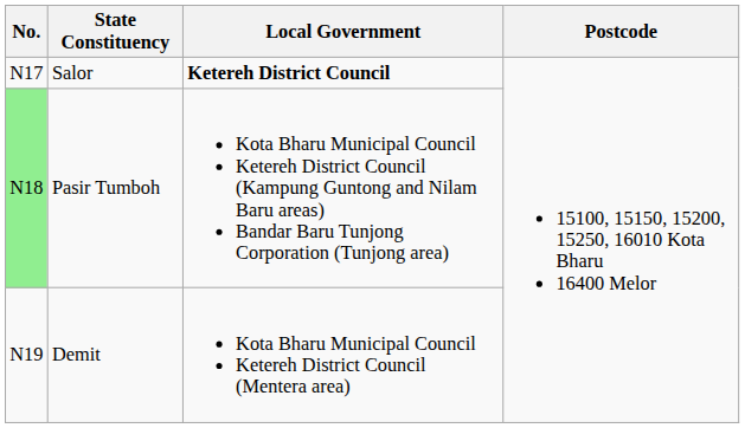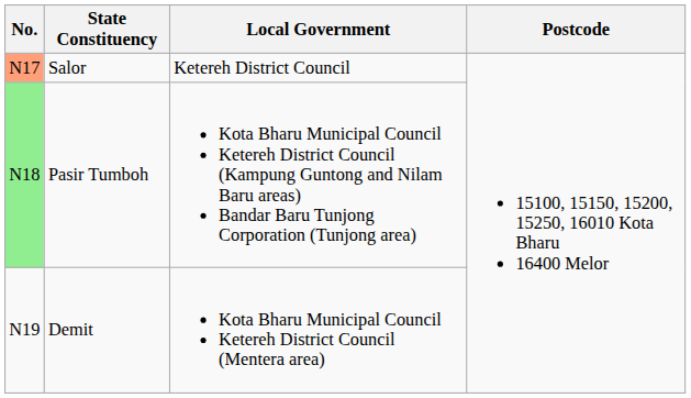 <table class="wikitable">
 <tr>
 <th>No.</th>
 <th>State Constituency</th>
 <th>Local Government</th>
 <th>Postcode</th>
 </tr>
 <tr>
-<td>N17</td>
+<td style="background: lightsalmon;">N17</td>
 <td>Salor</td>
-<td><strong>Ketereh District Council</strong></td>
+<td>Ketereh District Council</td>
 <td rowspan="3"><br><ul><li>15100, 15150, 15200, 15250, 16010 Kota Bharu</li><li>16400 Melor</li></ul></td>
 </tr>
 <tr>
 <td style="background: lightgreen;">N18</td>
 <td>Pasir Tumboh</td>
 <td><br><ul><li>Kota Bharu Municipal Council</li><li>Ketereh District Council (Kampung Guntong and Nilam Baru areas)</li><li>Bandar Baru Tunjong Corporation (Tunjong area)</li></ul></td>
 </tr>
 <tr>
 <td>N19</td>
 <td>Demit</td>
 <td><br><ul><li>Kota Bharu Municipal Council</li><li>Ketereh District Council (Mentera area)</li></ul></td>
 </tr>
 </table>
